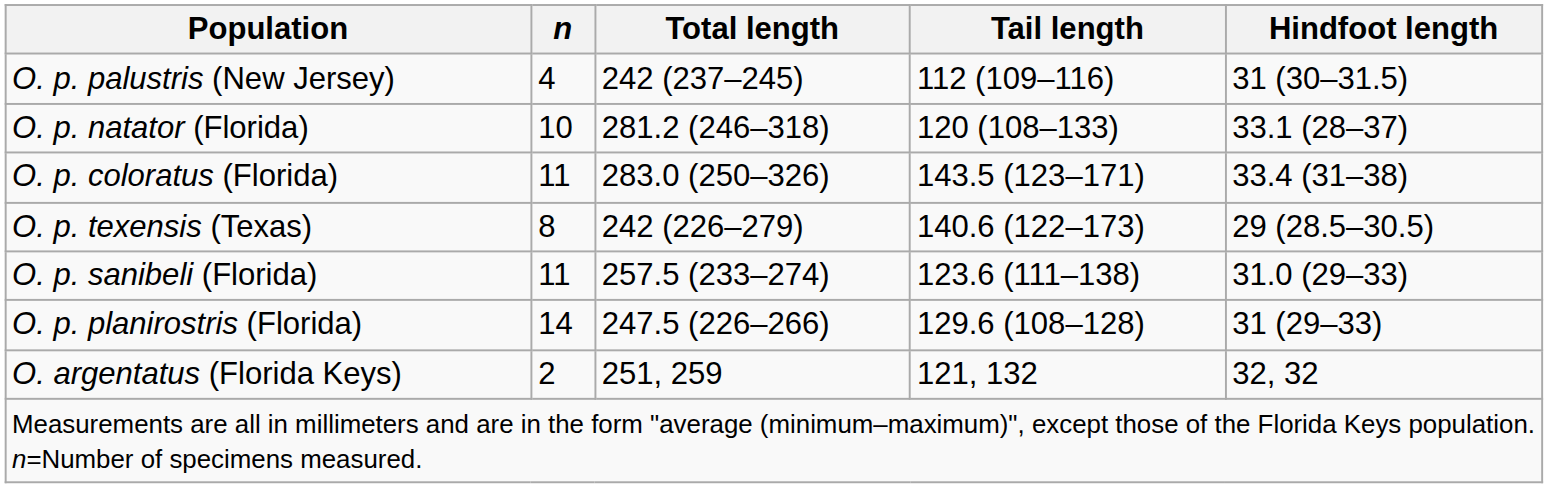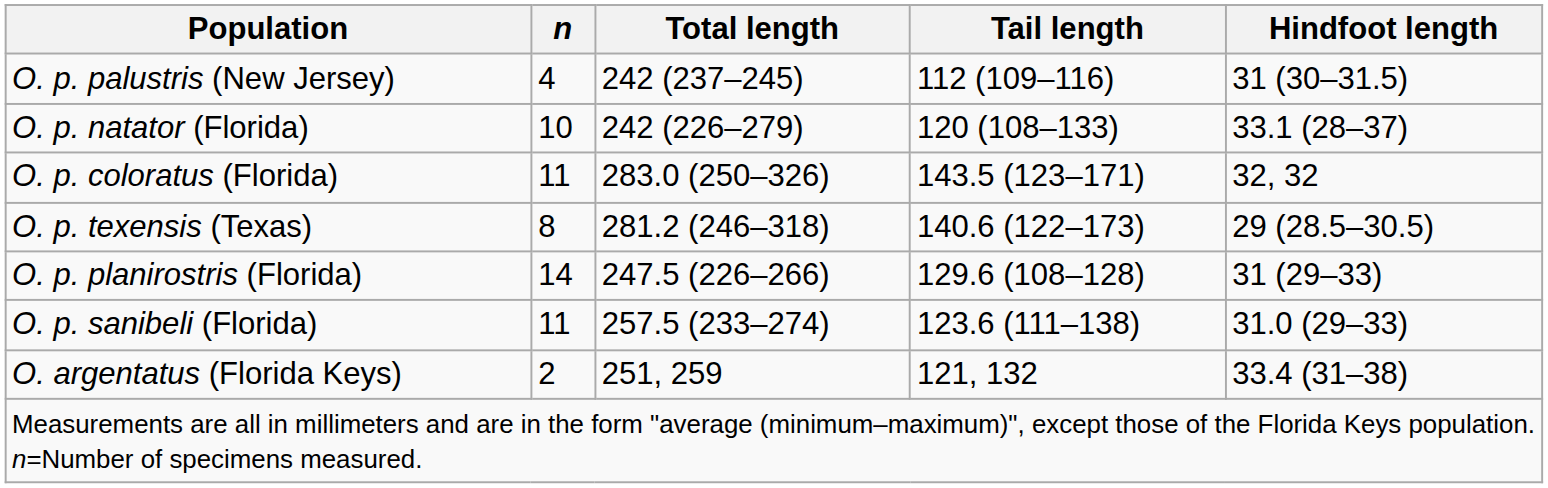 <table class="wikitable sortable" style="float: right; align: right; margin-left: 0.5em">
 <tr>
 <th>Population</th>
 <th><em>n</em></th>
 <th>Total length</th>
 <th>Tail length</th>
 <th>Hindfoot length</th>
 </tr>
 <tr>
 <td><em>O. p. palustris</em> (New Jersey)</td>
 <td>4</td>
 <td>242 (237–245)</td>
 <td>112 (109–116)</td>
 <td>31 (30–31.5)</td>
 </tr>
 <tr>
 <td><em>O. p. natator</em> (Florida)</td>
 <td>10</td>
-<td>281.2 (246–318)</td>
+<td>242 (226–279)</td>
 <td>120 (108–133)</td>
 <td>33.1 (28–37)</td>
 </tr>
 <tr>
 <td><em>O. p. coloratus</em> (Florida)</td>
 <td>11</td>
 <td>283.0 (250–326)</td>
 <td>143.5 (123–171)</td>
-<td>33.4 (31–38)</td>
+<td>32, 32</td>
 </tr>
 <tr>
 <td><em>O. p. texensis</em> (Texas)</td>
 <td>8</td>
-<td>242 (226–279)</td>
+<td>281.2 (246–318)</td>
 <td>140.6 (122–173)</td>
 <td>29 (28.5–30.5)</td>
+</tr>
+<tr>
+<td><em>O. p. planirostris</em> (Florida)</td>
+<td>14</td>
+<td>247.5 (226–266)</td>
+<td>129.6 (108–128)</td>
+<td>31 (29–33)</td>
 </tr>
 <tr>
 <td><em>O. p. sanibeli</em> (Florida)</td>
 <td>11</td>
 <td>257.5 (233–274)</td>
 <td>123.6 (111–138)</td>
 <td>31.0 (29–33)</td>
 </tr>
 <tr>
-<td><em>O. p. planirostris</em> (Florida)</td>
-<td>14</td>
-<td>247.5 (226–266)</td>
-<td>129.6 (108–128)</td>
-<td>31 (29–33)</td>
-</tr>
-<tr>
 <td><em>O. argentatus</em> (Florida Keys)</td>
 <td>2</td>
 <td>251, 259</td>
 <td>121, 132</td>
-<td>32, 32</td>
+<td>33.4 (31–38)</td>
 </tr>
 <tr>
 <td colspan="5"><small>Measurements are all in millimeters and are in the form "average (minimum–maximum)", except those of the Florida Keys population.</small><br><small><em>n</em>=Number of specimens measured.</small></td>
 </tr>
 </table>
